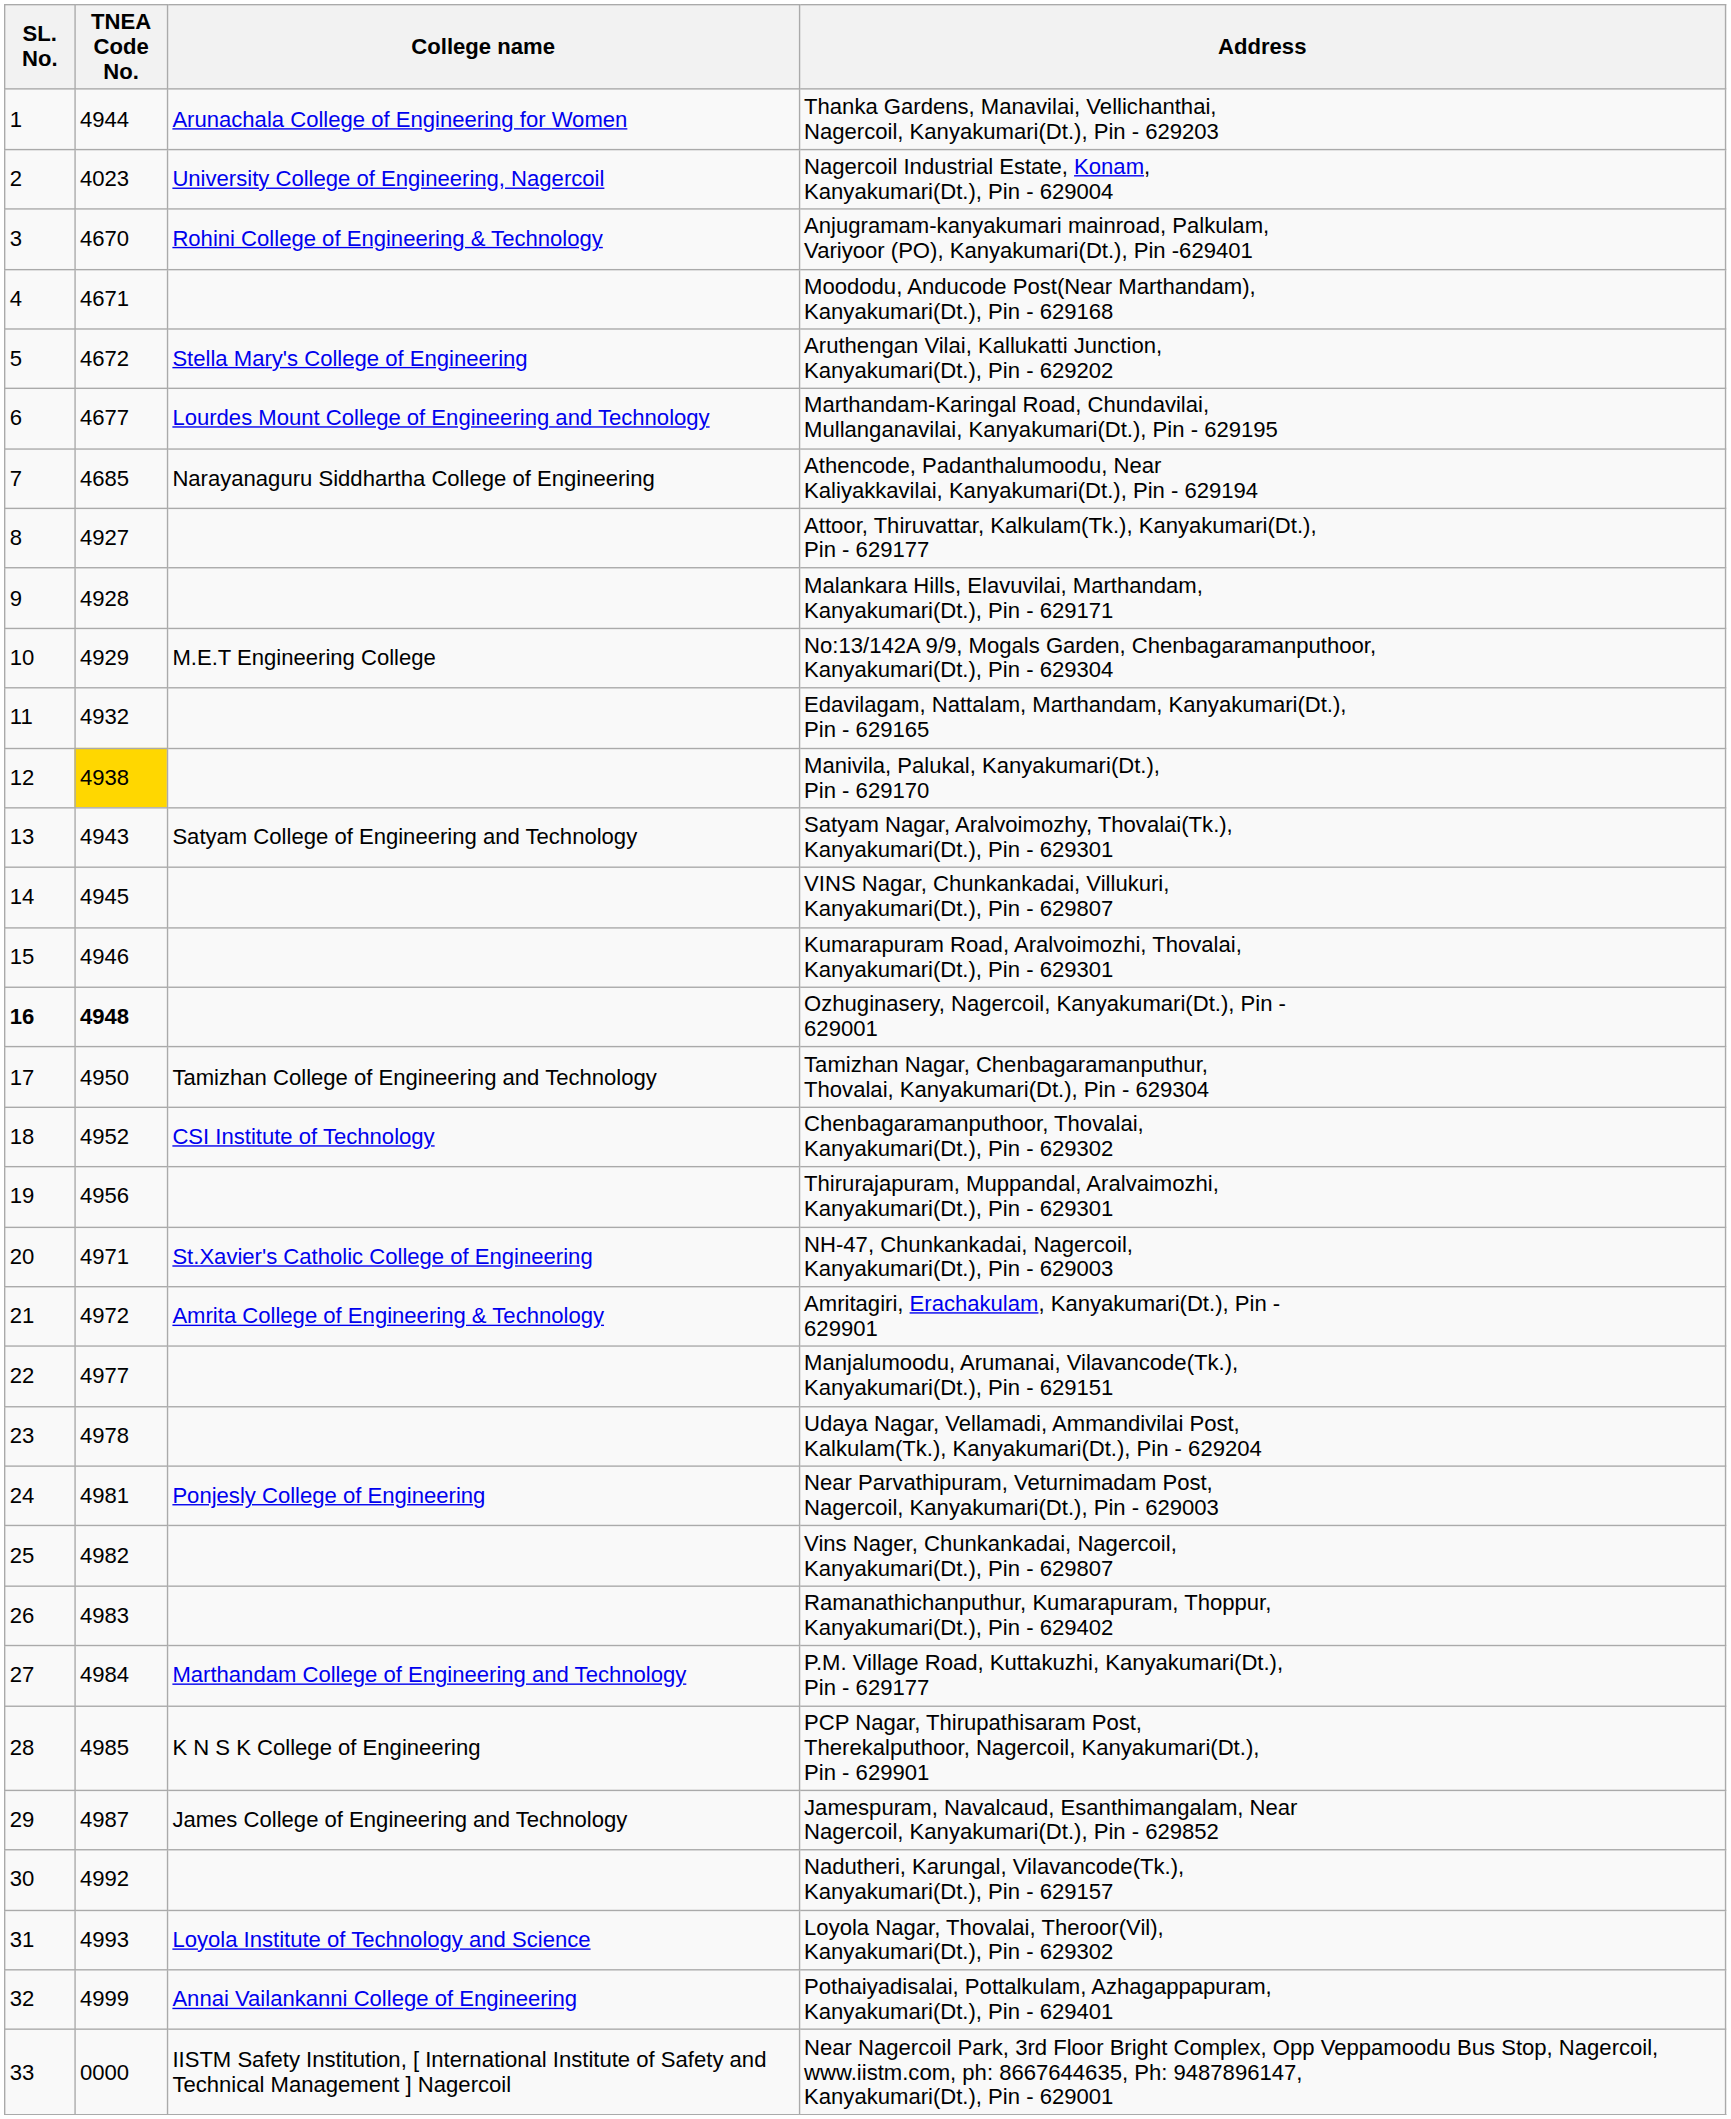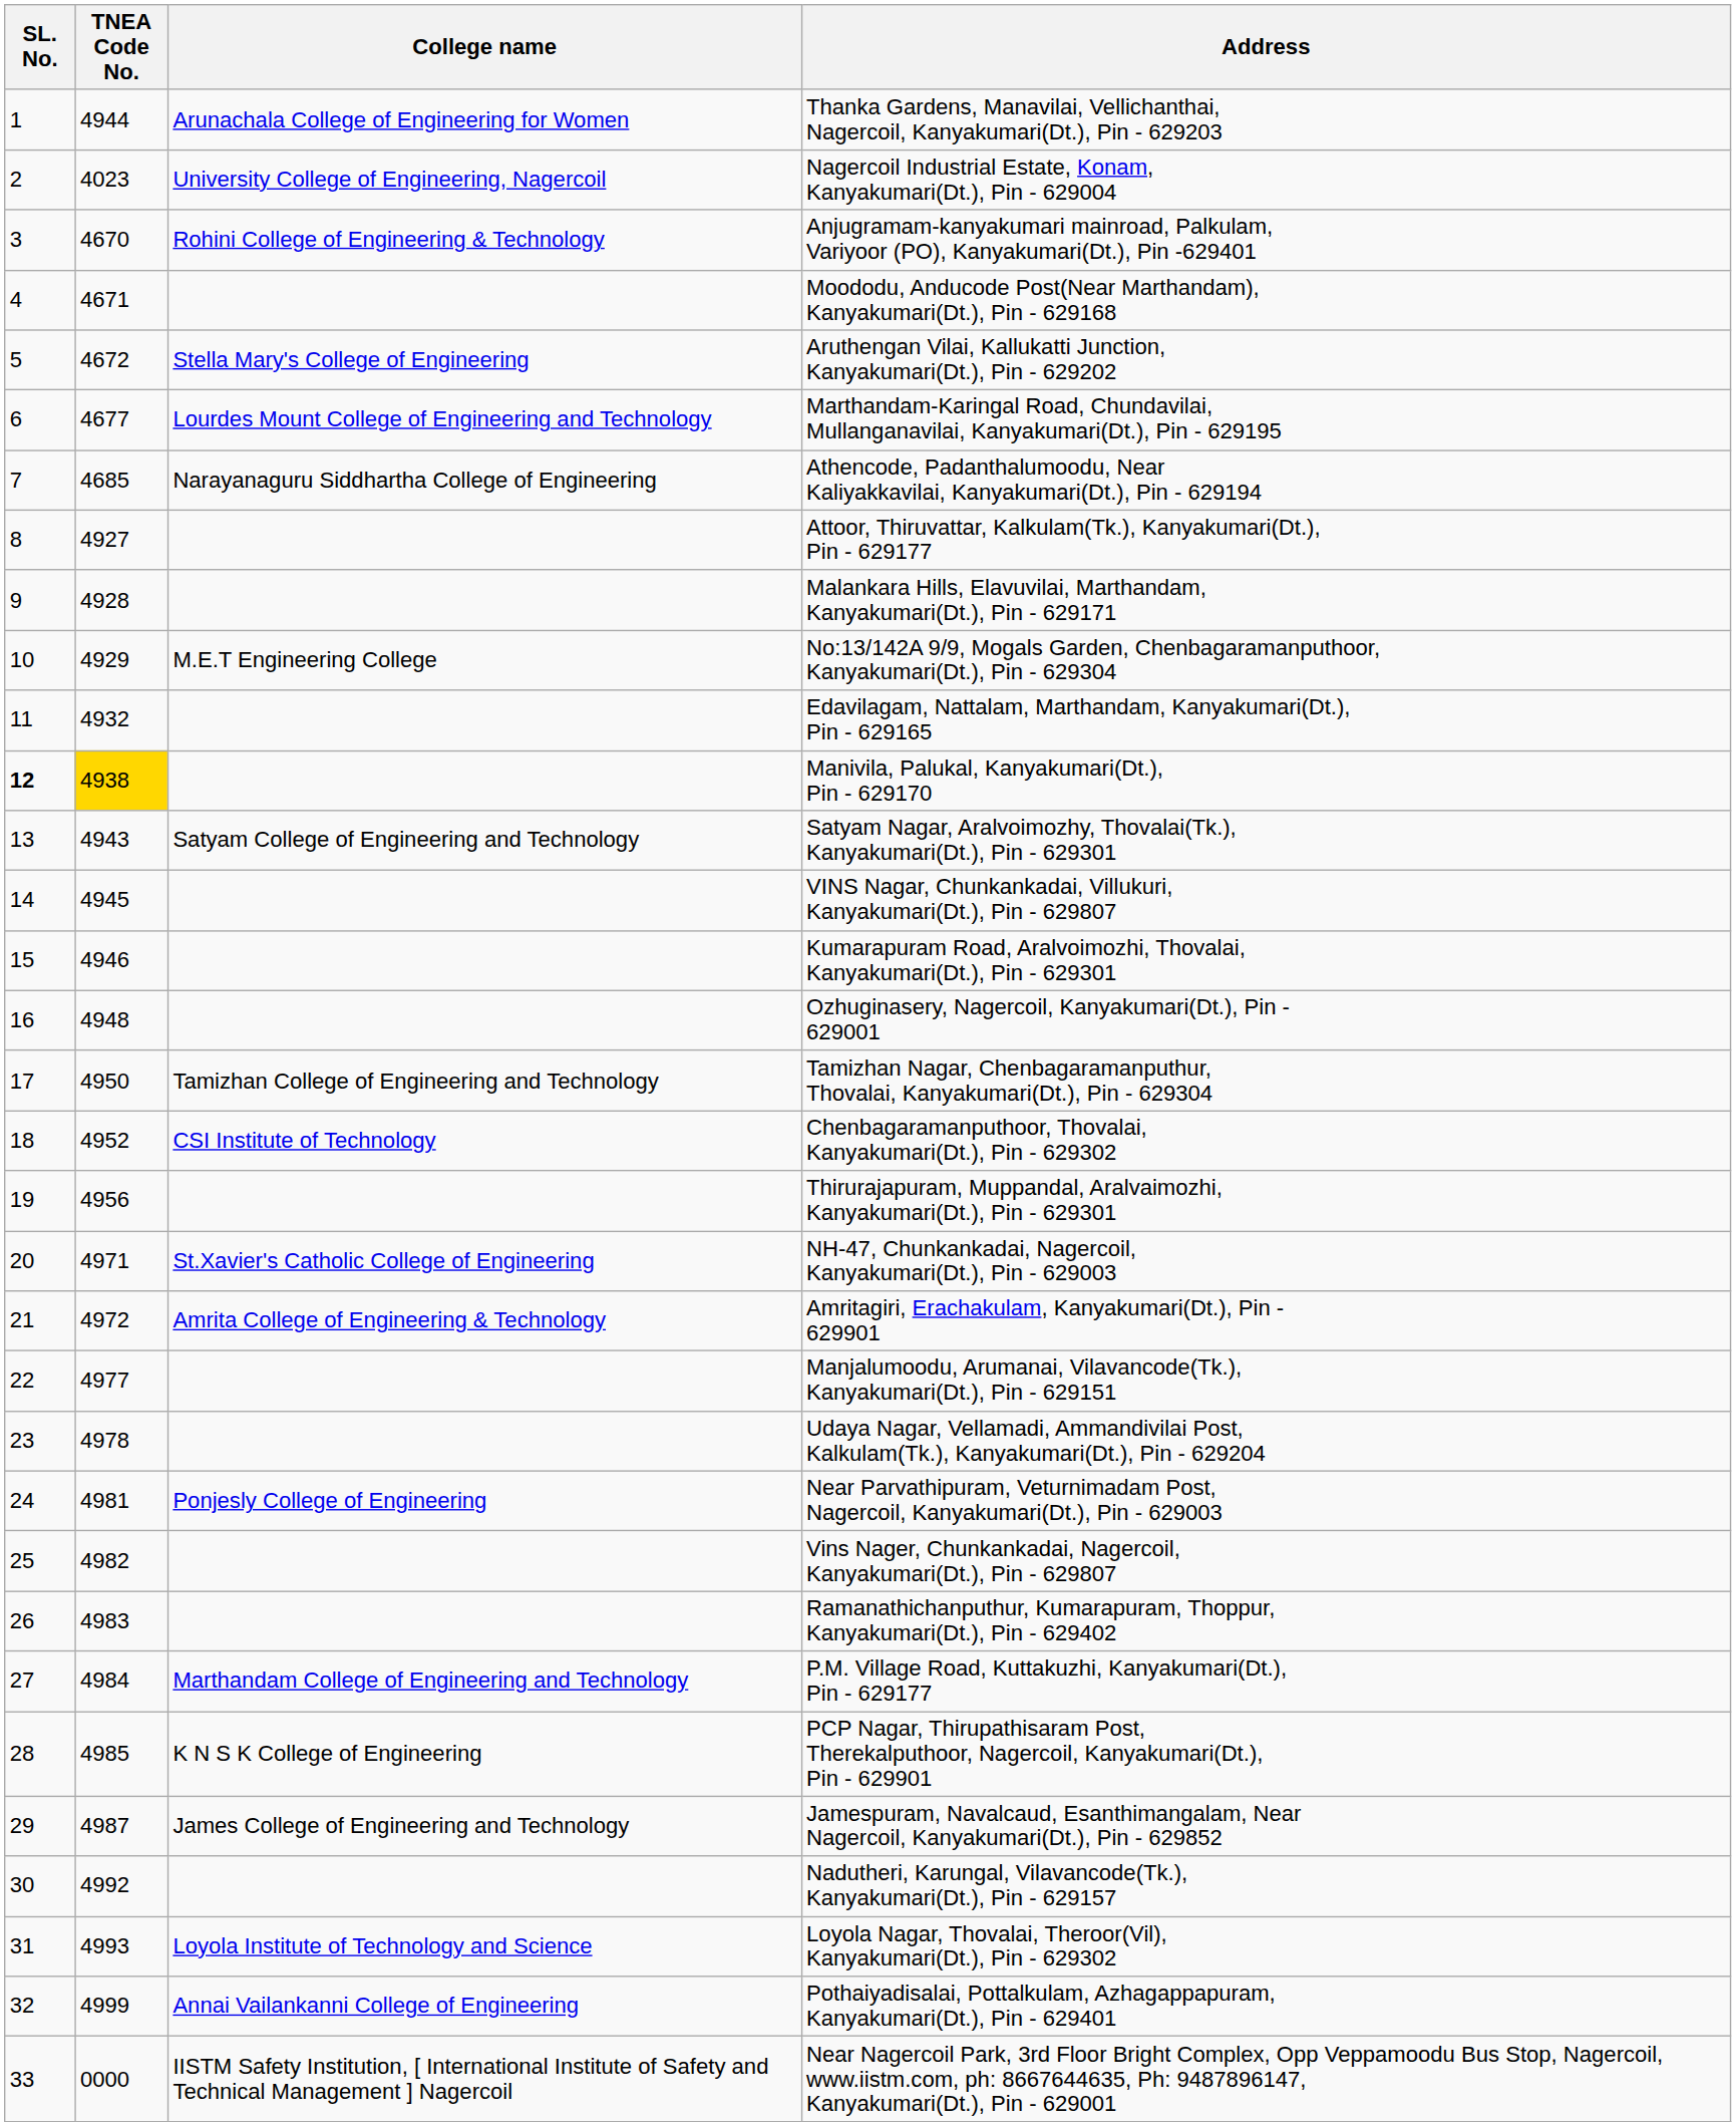 <table class="wikitable sortable mw-collapsible">
 <tr>
 <th>SL. No.</th>
 <th>TNEA<br>Code No.</th>
 <th>College name</th>
 <th>Address</th>
 </tr>
 <tr>
 <td>1</td>
 <td>4944</td>
 <td><a href='#'>Arunachala  College of Engineering for Women</a></td>
 <td>Thanka Gardens, Manavilai, Vellichanthai,<br>Nagercoil, Kanyakumari(Dt.), Pin - 629203</td>
 </tr>
 <tr>
 <td>2</td>
 <td>4023</td>
 <td><a href='#'>University  College of Engineering, Nagercoil</a></td>
 <td>Nagercoil Industrial Estate, <a href='#'>Konam</a>,<br>Kanyakumari(Dt.), Pin  - 629004</td>
 </tr>
 <tr>
 <td>3</td>
 <td>4670</td>
 <td><a href='#'>Rohini College of Engineering & Technology</a></td>
 <td>Anjugramam-kanyakumari mainroad, Palkulam,<br>Variyoor (PO),  Kanyakumari(Dt.), Pin -629401</td>
 </tr>
 <tr>
 <td>4</td>
 <td>4671</td>
 <td></td>
 <td>Moododu, Anducode Post(Near Marthandam),<br>Kanyakumari(Dt.), Pin - 629168</td>
 </tr>
 <tr>
 <td>5</td>
 <td>4672</td>
 <td><a href='#'>Stella  Mary's College of Engineering</a></td>
 <td>Aruthengan Vilai, Kallukatti Junction,<br>Kanyakumari(Dt.),  Pin - 629202</td>
 </tr>
 <tr>
 <td>6</td>
 <td>4677</td>
 <td><a href='#'>Lourdes  Mount College of Engineering and Technology</a></td>
 <td>Marthandam-Karingal Road, Chundavilai,<br>Mullanganavilai, Kanyakumari(Dt.), Pin  - 629195</td>
 </tr>
 <tr>
 <td>7</td>
 <td>4685</td>
 <td>Narayanaguru  Siddhartha College of Engineering</td>
 <td>Athencode,  Padanthalumoodu, Near<br>Kaliyakkavilai, Kanyakumari(Dt.), Pin - 629194</td>
 </tr>
 <tr>
 <td>8</td>
 <td>4927</td>
 <td></td>
 <td>Attoor, Thiruvattar, Kalkulam(Tk.), Kanyakumari(Dt.),<br>Pin - 629177</td>
 </tr>
 <tr>
 <td>9</td>
 <td>4928</td>
 <td></td>
 <td>Malankara Hills, Elavuvilai, Marthandam,<br>Kanyakumari(Dt.), Pin - 629171</td>
 </tr>
 <tr>
 <td>10</td>
 <td>4929</td>
 <td>M.E.T  Engineering College</td>
 <td>No:13/142A 9/9, Mogals Garden, Chenbagaramanputhoor,<br>Kanyakumari(Dt.), Pin - 629304</td>
 </tr>
 <tr>
 <td>11</td>
 <td>4932</td>
 <td></td>
 <td>Edavilagam, Nattalam, Marthandam, Kanyakumari(Dt.),<br>Pin - 629165</td>
 </tr>
 <tr>
-<td>12</td>
+<td><strong>12</strong></td>
 <td style="background: gold;">4938</td>
 <td></td>
 <td>Manivila, Palukal, Kanyakumari(Dt.),<br>Pin - 629170</td>
 </tr>
 <tr>
 <td>13</td>
 <td>4943</td>
 <td>Satyam  College of Engineering and Technology</td>
 <td>Satyam Nagar, Aralvoimozhy, Thovalai(Tk.),<br>Kanyakumari(Dt.), Pin - 629301</td>
 </tr>
 <tr>
 <td>14</td>
 <td>4945</td>
 <td></td>
 <td>VINS Nagar, Chunkankadai, Villukuri,<br>Kanyakumari(Dt.), Pin - 629807</td>
 </tr>
 <tr>
 <td>15</td>
 <td>4946</td>
 <td></td>
 <td>Kumarapuram Road, Aralvoimozhi, Thovalai,<br>Kanyakumari(Dt.), Pin - 629301</td>
 </tr>
 <tr>
-<td><strong>16</strong></td>
-<td><strong>4948</strong></td>
+<td>16</td>
+<td>4948</td>
 <td></td>
 <td>Ozhuginasery, Nagercoil, Kanyakumari(Dt.), Pin -<br>629001</td>
 </tr>
 <tr>
 <td>17</td>
 <td>4950</td>
 <td>Tamizhan  College of Engineering and Technology</td>
 <td>Tamizhan Nagar, Chenbagaramanputhur,<br>Thovalai, Kanyakumari(Dt.), Pin - 629304</td>
 </tr>
 <tr>
 <td>18</td>
 <td>4952</td>
 <td><a href='#'>CSI Institute of Technology</a></td>
 <td>Chenbagaramanputhoor, Thovalai,<br>Kanyakumari(Dt.), Pin - 629302</td>
 </tr>
 <tr>
 <td>19</td>
 <td>4956</td>
 <td></td>
 <td>Thirurajapuram, Muppandal, Aralvaimozhi,<br>Kanyakumari(Dt.), Pin - 629301</td>
 </tr>
 <tr>
 <td>20</td>
 <td>4971</td>
 <td><a href='#'>St.Xavier's  Catholic College of Engineering</a></td>
 <td>NH-47, Chunkankadai, Nagercoil,<br>Kanyakumari(Dt.), Pin - 629003</td>
 </tr>
 <tr>
 <td>21</td>
 <td>4972</td>
 <td><a href='#'>Amrita College of Engineering & Technology</a></td>
 <td>Amritagiri, <a href='#'>Erachakulam</a>, Kanyakumari(Dt.), Pin -<br>629901</td>
 </tr>
 <tr>
 <td>22</td>
 <td>4977</td>
 <td></td>
 <td>Manjalumoodu, Arumanai, Vilavancode(Tk.),<br>Kanyakumari(Dt.), Pin - 629151</td>
 </tr>
 <tr>
 <td>23</td>
 <td>4978</td>
 <td></td>
 <td>Udaya Nagar, Vellamadi, Ammandivilai Post,<br>Kalkulam(Tk.), Kanyakumari(Dt.), Pin - 629204</td>
 </tr>
 <tr>
 <td>24</td>
 <td>4981</td>
 <td><a href='#'>Ponjesly  College of Engineering</a></td>
 <td>Near Parvathipuram, Veturnimadam Post,<br>Nagercoil, Kanyakumari(Dt.), Pin - 629003</td>
 </tr>
 <tr>
 <td>25</td>
 <td>4982</td>
 <td></td>
 <td>Vins Nager, Chunkankadai, Nagercoil,<br>Kanyakumari(Dt.), Pin - 629807</td>
 </tr>
 <tr>
 <td>26</td>
 <td>4983</td>
 <td></td>
 <td>Ramanathichanputhur, Kumarapuram, Thoppur,<br>Kanyakumari(Dt.), Pin - 629402</td>
 </tr>
 <tr>
 <td>27</td>
 <td>4984</td>
 <td><a href='#'>Marthandam  College of Engineering and Technology</a></td>
 <td>P.M. Village Road, Kuttakuzhi, Kanyakumari(Dt.),<br>Pin - 629177</td>
 </tr>
 <tr>
 <td>28</td>
 <td>4985</td>
 <td>K  N S K College of Engineering</td>
 <td>PCP Nagar, Thirupathisaram Post,<br>Therekalputhoor, Nagercoil, Kanyakumari(Dt.),<br>Pin - 629901</td>
 </tr>
 <tr>
 <td>29</td>
 <td>4987</td>
 <td>James  College of Engineering and Technology</td>
 <td>Jamespuram, Navalcaud, Esanthimangalam, Near<br>Nagercoil, Kanyakumari(Dt.), Pin - 629852</td>
 </tr>
 <tr>
 <td>30</td>
 <td>4992</td>
 <td></td>
 <td>Nadutheri, Karungal, Vilavancode(Tk.),<br>Kanyakumari(Dt.), Pin - 629157</td>
 </tr>
 <tr>
 <td>31</td>
 <td>4993</td>
 <td><a href='#'>Loyola  Institute of Technology and Science</a></td>
 <td>Loyola Nagar, Thovalai, Theroor(Vil),<br>Kanyakumari(Dt.), Pin - 629302</td>
 </tr>
 <tr>
 <td>32</td>
 <td>4999</td>
 <td><a href='#'>Annai  Vailankanni College of Engineering</a></td>
 <td>Pothaiyadisalai, Pottalkulam, Azhagappapuram,<br>Kanyakumari(Dt.), Pin - 629401</td>
 </tr>
 <tr>
 <td>33</td>
 <td>0000</td>
 <td>IISTM Safety Institution, [ International Institute of Safety and Technical Management ] Nagercoil</td>
 <td>Near Nagercoil Park, 3rd Floor Bright Complex, Opp Veppamoodu Bus Stop, Nagercoil, www.iistm.com, ph: 8667644635, Ph: 9487896147,<br>Kanyakumari(Dt.), Pin  - 629001</td>
 </tr>
 <tr>
 </tr>
 </table>
